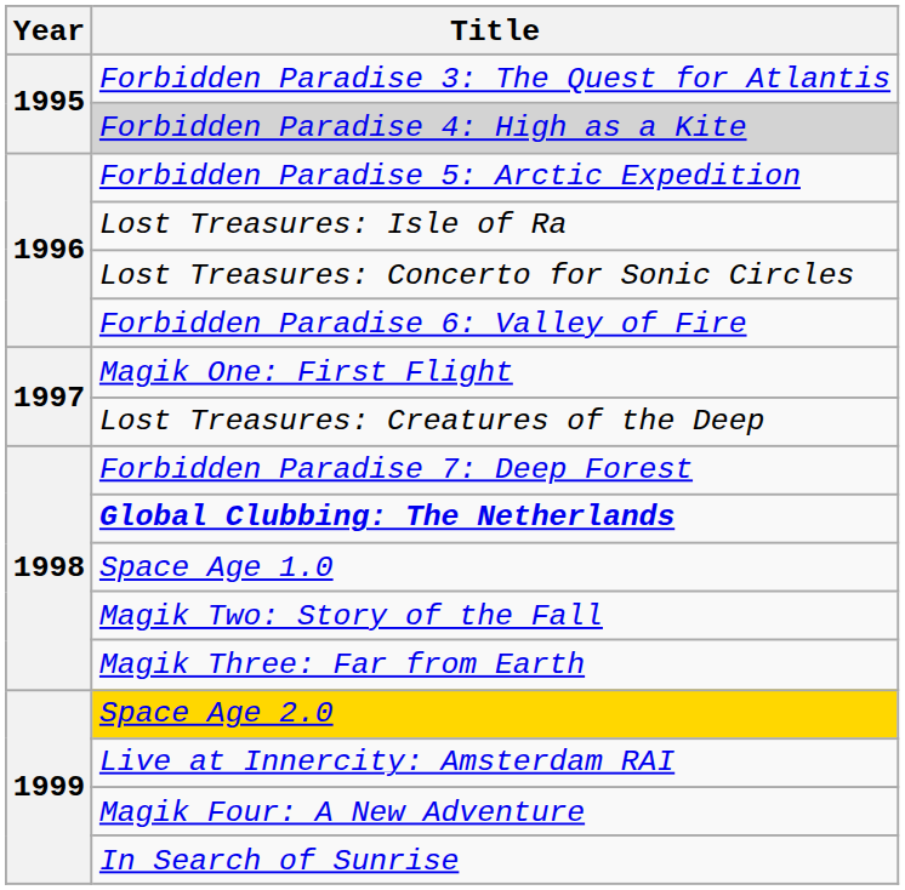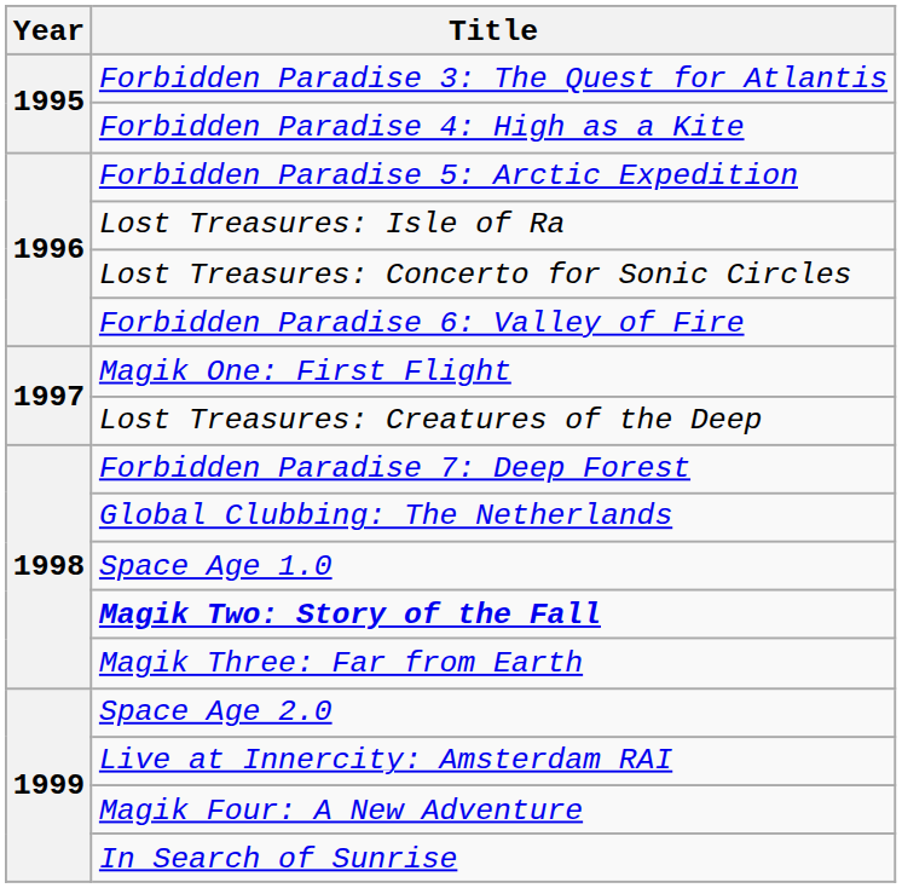 <table class="wikitable plainrowheaders">
 <tr>
 <th>Year</th>
 <th>Title</th>
 </tr>
 <tr>
 <th scope="row" rowspan="2">1995</th>
 <td><em><a href='#'>Forbidden Paradise 3: The Quest for Atlantis</a></em></td>
 </tr>
 <tr>
-<td style="background: lightgrey;"><em><a href='#'>Forbidden Paradise 4: High as a Kite</a></em></td>
+<td><em><a href='#'>Forbidden Paradise 4: High as a Kite</a></em></td>
 </tr>
 <tr>
 <th scope="row" rowspan="4">1996</th>
 <td><em><a href='#'>Forbidden Paradise 5: Arctic Expedition</a></em></td>
 </tr>
 <tr>
 <td><em>Lost Treasures: Isle of Ra</em></td>
 </tr>
 <tr>
 <td><em>Lost Treasures: Concerto for Sonic Circles</em></td>
 </tr>
 <tr>
 <td><em><a href='#'>Forbidden Paradise 6: Valley of Fire</a></em></td>
 </tr>
 <tr>
 <th scope="row" rowspan="2">1997</th>
 <td><em><a href='#'>Magik One: First Flight</a></em></td>
 </tr>
 <tr>
 <td><em>Lost Treasures: Creatures of the Deep</em></td>
 </tr>
 <tr>
 <th scope="row" rowspan="5">1998</th>
 <td><em><a href='#'>Forbidden Paradise 7: Deep Forest</a></em></td>
 </tr>
 <tr>
-<td><strong><em><a href='#'>Global Clubbing: The Netherlands</a></em></strong></td>
+<td><em><a href='#'>Global Clubbing: The Netherlands</a></em></td>
 </tr>
 <tr>
 <td><em><a href='#'>Space Age 1.0</a></em></td>
 </tr>
 <tr>
-<td><em><a href='#'>Magik Two: Story of the Fall</a></em></td>
+<td><strong><em><a href='#'>Magik Two: Story of the Fall</a></em></strong></td>
 </tr>
 <tr>
 <td><em><a href='#'>Magik Three: Far from Earth</a></em></td>
 </tr>
 <tr>
 <th scope="row" rowspan="4">1999</th>
-<td style="background: gold;"><em><a href='#'>Space Age 2.0</a></em></td>
+<td><em><a href='#'>Space Age 2.0</a></em></td>
 </tr>
 <tr>
 <td><em><a href='#'>Live at Innercity: Amsterdam RAI</a></em></td>
 </tr>
 <tr>
 <td><em><a href='#'>Magik Four: A New Adventure</a></em></td>
 </tr>
 <tr>
 <td><em><a href='#'>In Search of Sunrise</a></em></td>
 </tr>
 </table>
